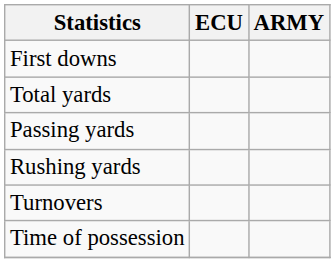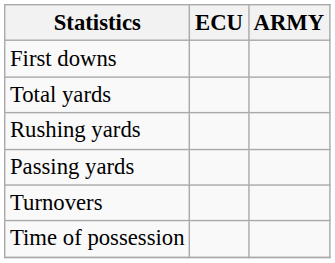 <table class="wikitable">
 <tr>
 <th>Statistics</th>
 <th>ECU</th>
 <th>ARMY</th>
 </tr>
 <tr>
 <td>First downs</td>
 <td></td>
 <td></td>
 </tr>
 <tr>
 <td>Total yards</td>
 <td></td>
 <td></td>
 </tr>
 <tr>
-<td>Passing yards</td>
+<td>Rushing yards</td>
 <td></td>
 <td></td>
 </tr>
 <tr>
-<td>Rushing yards</td>
+<td>Passing yards</td>
 <td></td>
 <td></td>
 </tr>
 <tr>
 <td>Turnovers</td>
 <td></td>
 <td></td>
 </tr>
 <tr>
 <td>Time of possession</td>
 <td></td>
 <td></td>
 </tr>
 <tr>
 </tr>
 </table>
